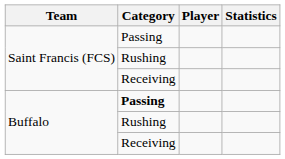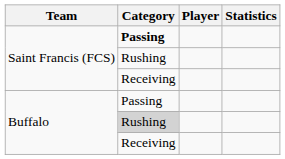 <table class="wikitable" style="float: right;">
 <tr>
 <th>Team</th>
 <th>Category</th>
 <th>Player</th>
 <th>Statistics</th>
 </tr>
 <tr>
 <td rowspan=3>Saint Francis (FCS)</td>
-<td>Passing</td>
+<td><strong>Passing</strong></td>
 <td></td>
 <td></td>
 </tr>
 <tr>
 <td>Rushing</td>
 <td></td>
 <td></td>
 </tr>
 <tr>
 <td>Receiving</td>
 <td></td>
 <td></td>
 </tr>
 <tr>
 <td rowspan=3>Buffalo</td>
-<td><strong>Passing</strong></td>
+<td>Passing</td>
 <td></td>
 <td></td>
 </tr>
 <tr>
-<td>Rushing</td>
+<td style="background: lightgrey;">Rushing</td>
 <td></td>
 <td></td>
 </tr>
 <tr>
 <td>Receiving</td>
 <td></td>
 <td></td>
 </tr>
 </table>
